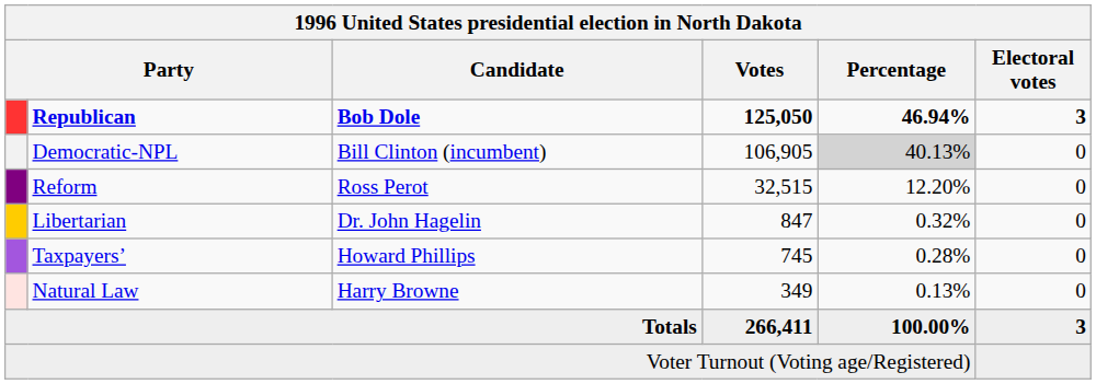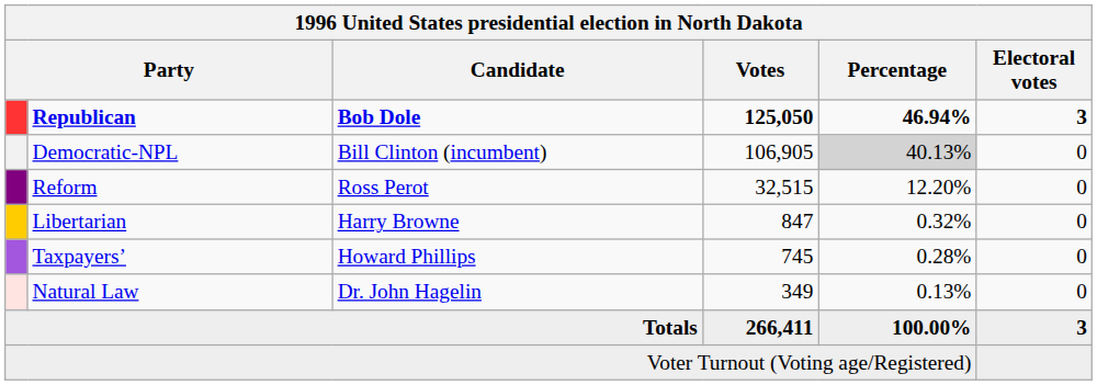 <table class="wikitable" style="font-size: 95%;">
 <tr>
 <th colspan="7">1996 United States presidential election in North Dakota</th>
 </tr>
 <tr>
 <th colspan="2" style="width: 15em">Party</th>
 <th style="width: 17em">Candidate</th>
 <th style="width: 5em">Votes</th>
 <th style="width: 7em">Percentage</th>
 <th style="width: 5em">Electoral votes</th>
 </tr>
 <tr>
 <th style="background-color:#FF3333; width: 3px"></th>
 <td style="width: 130px"><strong><a href='#'>Republican</a></strong></td>
 <td><strong><a href='#'>Bob Dole</a></strong></td>
 <td align="right"><strong>125,050</strong></td>
 <td align="right"><strong>46.94%</strong></td>
 <td align="right"><strong>3</strong></td>
 </tr>
 <tr>
 <th style="background-color:"></th>
 <td style="width: 130px"><a href='#'>Democratic-NPL</a></td>
 <td><a href='#'>Bill Clinton</a> (<a href='#'>incumbent</a>)</td>
 <td align="right">106,905</td>
 <td align="right" style="background: lightgrey;">40.13%</td>
 <td align="right">0</td>
 </tr>
 <tr>
 <th style="background-color:#800080; width: 3px"></th>
 <td style="width: 130px"><a href='#'>Reform</a></td>
 <td><a href='#'>Ross Perot</a></td>
 <td align="right">32,515</td>
 <td align="right">12.20%</td>
 <td align="right">0</td>
 </tr>
 <tr>
 <th style="background-color:#FFCC00; width: 3px"></th>
 <td style="width: 130px"><a href='#'>Libertarian</a></td>
-<td><a href='#'>Dr. John Hagelin</a></td>
+<td><a href='#'>Harry Browne</a></td>
 <td align="right">847</td>
 <td align="right">0.32%</td>
 <td align="right">0</td>
 </tr>
 <tr>
 <th style="background-color:#A356DE; width: 3px"></th>
 <td style="width: 130px"><a href='#'>Taxpayers’</a></td>
 <td><a href='#'>Howard Phillips</a></td>
 <td align="right">745</td>
 <td align="right">0.28%</td>
 <td align="right">0</td>
 </tr>
 <tr>
 <th style="background-color:#ffe4e1; width: 3px"></th>
 <td style="width: 130px"><a href='#'>Natural Law</a></td>
-<td><a href='#'>Harry Browne</a></td>
+<td><a href='#'>Dr. John Hagelin</a></td>
 <td align="right">349</td>
 <td align="right">0.13%</td>
 <td align="right">0</td>
 </tr>
 <tr bgcolor="#EEEEEE">
 <td colspan="3" align="right"><strong>Totals</strong></td>
 <td align="right"><strong>266,411</strong></td>
 <td align="right"><strong>100.00%</strong></td>
 <td align="right"><strong>3</strong></td>
 </tr>
 <tr bgcolor="#EEEEEE">
 <td colspan="5" align="right">Voter Turnout (Voting age/Registered)</td>
 <td colspan="1" align="right"></td>
 </tr>
 </table>
